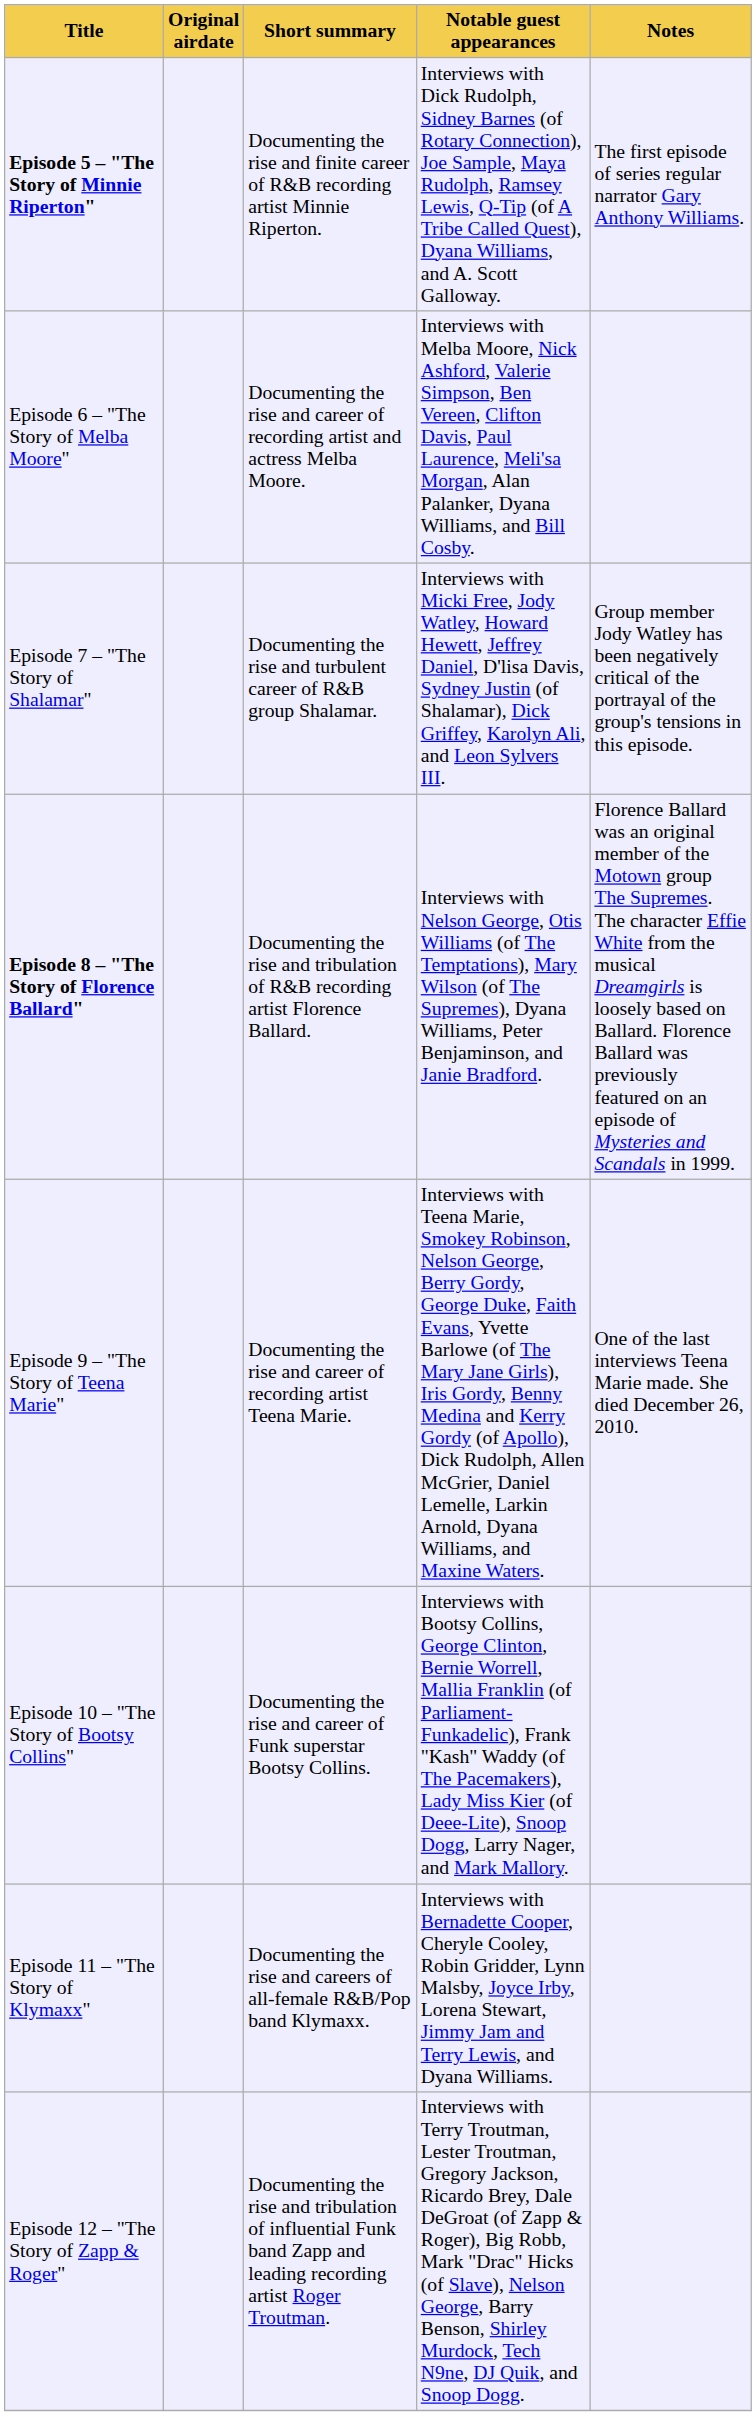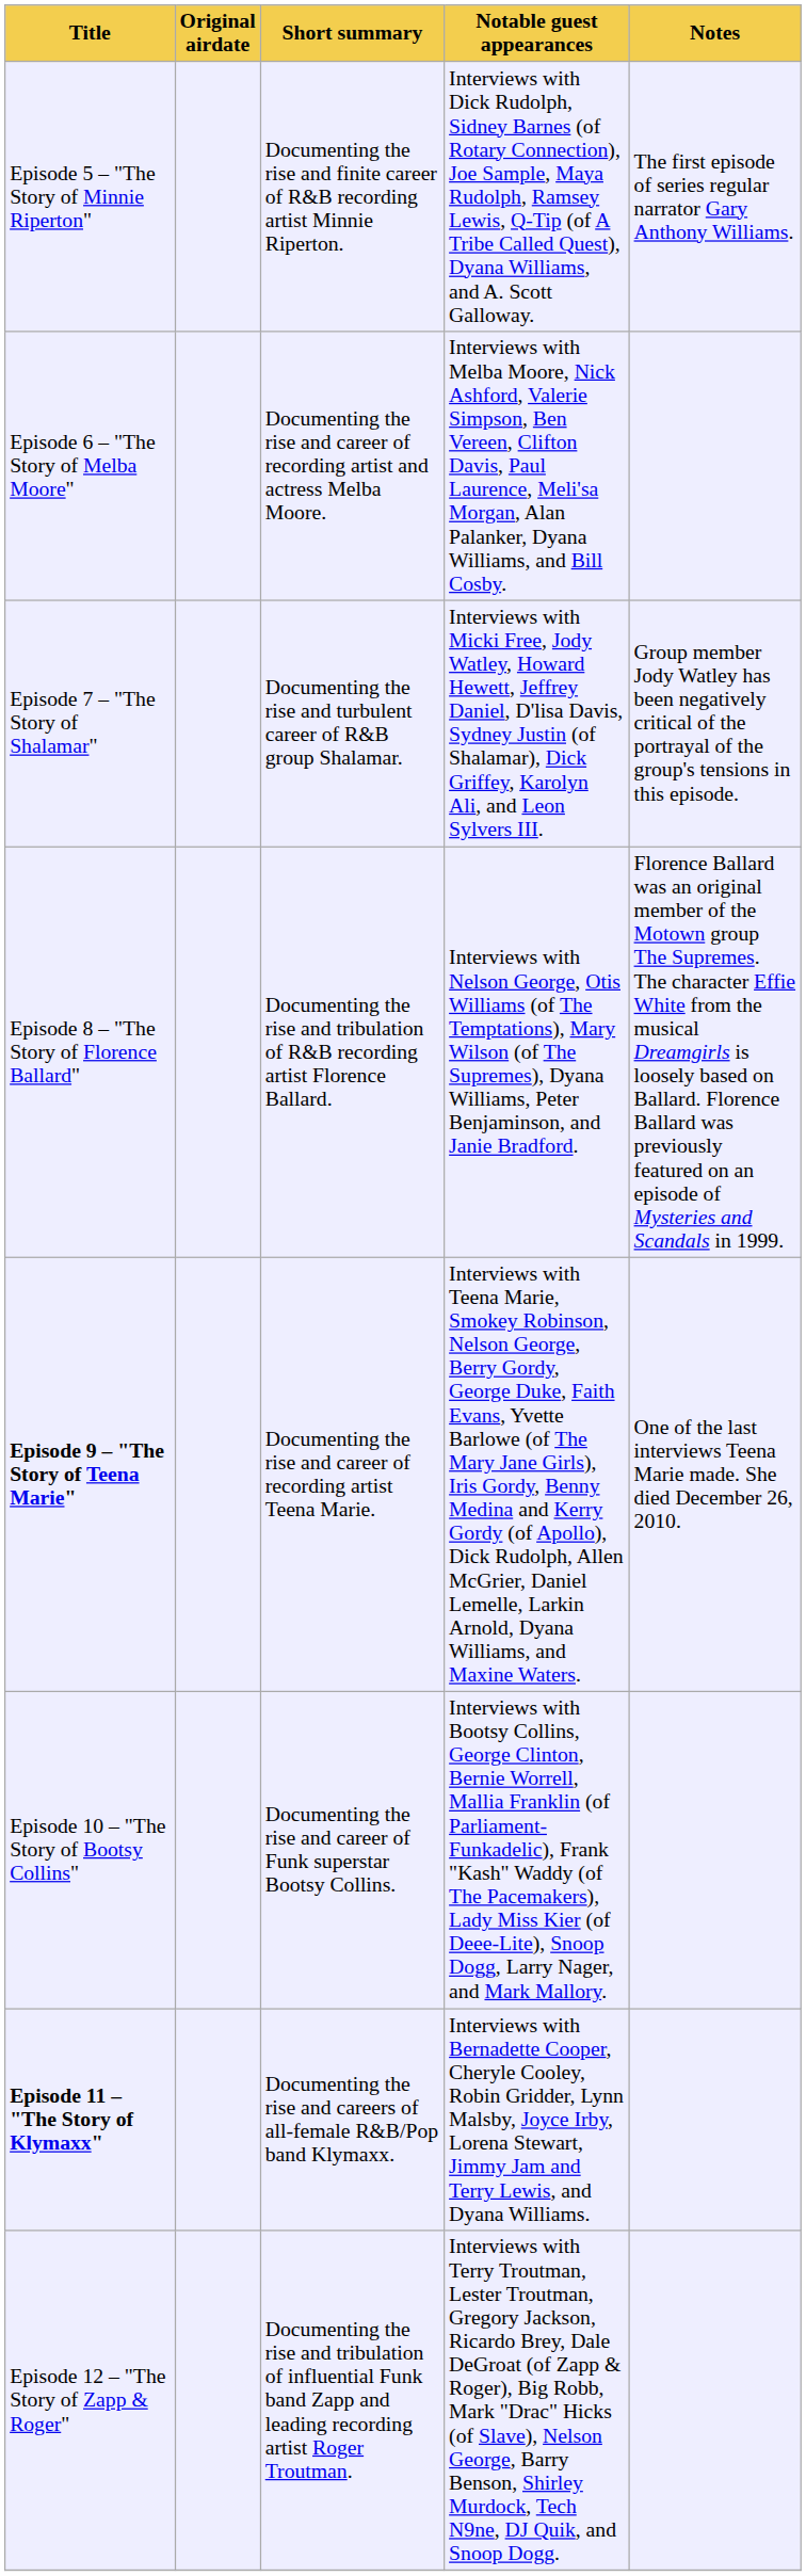 <table class="wikitable" style="background:#EEEEFF">
 <tr>
 <th scope="col" style="background-color: #F3CE4E" width="220">Title</th>
 <th scope="col" style="background-color: #F3CE4E" width="40pt">Original airdate</th>
 <th scope="col" style="background-color: #F3CE4E" width="220">Short summary</th>
 <th scope="col" style="background-color: #F3CE4E" width="220">Notable guest appearances</th>
 <th scope="col" style="background-color: #F3CE4E" width="220">Notes</th>
 </tr>
 <tr>
-<td><strong>Episode 5 – "The Story of <a href='#'>Minnie Riperton</a>"</strong></td>
+<td>Episode 5 – "The Story of <a href='#'>Minnie Riperton</a>"</td>
 <td></td>
 <td>Documenting the rise and finite career of R&B recording artist Minnie Riperton.</td>
 <td>Interviews with Dick Rudolph, <a href='#'>Sidney Barnes</a> (of <a href='#'>Rotary Connection</a>), <a href='#'>Joe Sample</a>, <a href='#'>Maya Rudolph</a>, <a href='#'>Ramsey Lewis</a>, <a href='#'>Q-Tip</a> (of <a href='#'>A Tribe Called Quest</a>), <a href='#'>Dyana Williams</a>, and A. Scott Galloway.</td>
 <td>The first episode of series regular narrator <a href='#'>Gary Anthony Williams</a>.</td>
 </tr>
 <tr>
 <td>Episode 6 – "The Story of <a href='#'>Melba Moore</a>"</td>
 <td></td>
 <td>Documenting the rise and career of recording artist and actress Melba Moore.</td>
 <td>Interviews with Melba Moore, <a href='#'>Nick Ashford</a>, <a href='#'>Valerie Simpson</a>, <a href='#'>Ben Vereen</a>, <a href='#'>Clifton Davis</a>, <a href='#'>Paul Laurence</a>, <a href='#'>Meli'sa Morgan</a>, Alan Palanker, Dyana Williams, and <a href='#'>Bill Cosby</a>.</td>
 <td></td>
 </tr>
 <tr>
 <td>Episode 7 – "The Story of <a href='#'>Shalamar</a>"</td>
 <td></td>
 <td>Documenting the rise and turbulent career of R&B group Shalamar.</td>
 <td>Interviews with <a href='#'>Micki Free</a>, <a href='#'>Jody Watley</a>, <a href='#'>Howard Hewett</a>, <a href='#'>Jeffrey Daniel</a>, D'lisa Davis, <a href='#'>Sydney Justin</a> (of Shalamar), <a href='#'>Dick Griffey</a>, <a href='#'>Karolyn Ali</a>, and <a href='#'>Leon Sylvers III</a>.</td>
 <td>Group member Jody Watley has been negatively critical of the portrayal of the group's tensions in this episode.</td>
 </tr>
 <tr>
-<td><strong>Episode 8 – "The Story of <a href='#'>Florence Ballard</a>"</strong></td>
+<td>Episode 8 – "The Story of <a href='#'>Florence Ballard</a>"</td>
 <td></td>
 <td>Documenting the rise and tribulation of R&B recording artist Florence Ballard.</td>
 <td>Interviews with <a href='#'>Nelson George</a>, <a href='#'>Otis Williams</a> (of <a href='#'>The Temptations</a>), <a href='#'>Mary Wilson</a> (of <a href='#'>The Supremes</a>), Dyana Williams, Peter Benjaminson, and <a href='#'>Janie Bradford</a>.</td>
 <td>Florence Ballard was an original member of the <a href='#'>Motown</a> group <a href='#'>The Supremes</a>. The character <a href='#'>Effie White</a> from the musical <em><a href='#'>Dreamgirls</a></em> is loosely based on Ballard. Florence Ballard was previously featured on an episode of <em><a href='#'>Mysteries and Scandals</a></em> in 1999.</td>
 </tr>
 <tr>
-<td>Episode 9 – "The Story of <a href='#'>Teena Marie</a>"</td>
+<td><strong>Episode 9 – "The Story of <a href='#'>Teena Marie</a>"</strong></td>
 <td></td>
 <td>Documenting the rise and career of recording artist Teena Marie.</td>
 <td>Interviews with Teena Marie, <a href='#'>Smokey Robinson</a>, <a href='#'>Nelson George</a>, <a href='#'>Berry Gordy</a>, <a href='#'>George Duke</a>, <a href='#'>Faith Evans</a>, Yvette Barlowe (of <a href='#'>The Mary Jane Girls</a>), <a href='#'>Iris Gordy</a>, <a href='#'>Benny Medina</a> and <a href='#'>Kerry Gordy</a> (of <a href='#'>Apollo</a>), Dick Rudolph, Allen McGrier, Daniel Lemelle, Larkin Arnold, Dyana Williams, and <a href='#'>Maxine Waters</a>.</td>
 <td>One of the last interviews Teena Marie made. She died December 26, 2010.</td>
 </tr>
 <tr>
 <td>Episode 10 – "The Story of <a href='#'>Bootsy Collins</a>"</td>
 <td></td>
 <td>Documenting the rise and career of Funk superstar Bootsy Collins.</td>
 <td>Interviews with Bootsy Collins, <a href='#'>George Clinton</a>, <a href='#'>Bernie Worrell</a>, <a href='#'>Mallia Franklin</a> (of <a href='#'>Parliament-Funkadelic</a>), Frank "Kash" Waddy (of <a href='#'>The Pacemakers</a>), <a href='#'>Lady Miss Kier</a> (of <a href='#'>Deee-Lite</a>), <a href='#'>Snoop Dogg</a>, Larry Nager, and <a href='#'>Mark Mallory</a>.</td>
 <td></td>
 </tr>
 <tr>
-<td>Episode 11 – "The Story of <a href='#'>Klymaxx</a>"</td>
+<td><strong>Episode 11 – "The Story of <a href='#'>Klymaxx</a>"</strong></td>
 <td></td>
 <td>Documenting the rise and careers of all-female R&B/Pop band Klymaxx.</td>
 <td>Interviews with <a href='#'>Bernadette Cooper</a>, Cheryle Cooley, Robin Gridder, Lynn Malsby, <a href='#'>Joyce Irby</a>, Lorena Stewart, <a href='#'>Jimmy Jam and Terry Lewis</a>, and Dyana Williams.</td>
 <td></td>
 </tr>
 <tr>
 <td>Episode 12 – "The Story of <a href='#'>Zapp & Roger</a>"</td>
 <td></td>
 <td>Documenting the rise and tribulation of influential Funk band Zapp and leading recording artist <a href='#'>Roger Troutman</a>.</td>
 <td>Interviews with Terry Troutman, Lester Troutman, Gregory Jackson, Ricardo Brey, Dale DeGroat (of Zapp & Roger), Big Robb, Mark "Drac" Hicks (of <a href='#'>Slave</a>), <a href='#'>Nelson George</a>, Barry Benson, <a href='#'>Shirley Murdock</a>, <a href='#'>Tech N9ne</a>, <a href='#'>DJ Quik</a>, and <a href='#'>Snoop Dogg</a>.</td>
 <td></td>
 </tr>
 <tr>
 </tr>
 </table>
